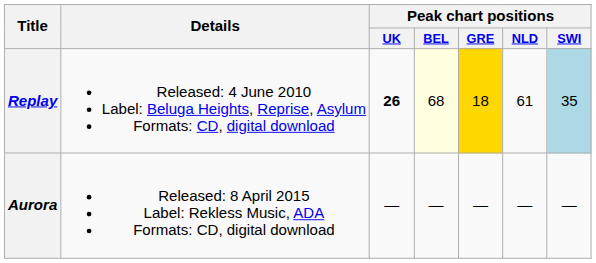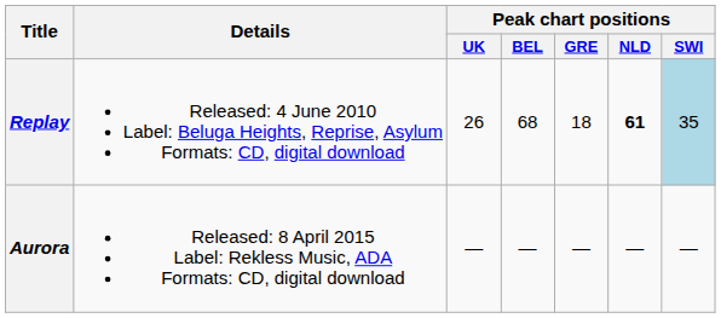 <table class="wikitable plainrowheaders" style="text-align:center" border="1"|>
 <tr>
 <th scope="col" rowspan="2">Title</th>
 <th scope="col" rowspan="2">Details</th>
 <th scope="col" colspan="5">Peak chart positions</th>
 </tr>
 <tr>
 <th scope="col" style="width:3em;font-size:85%"><a href='#'>UK</a><br></th>
 <th scope="col" style="width:3em;font-size:85%"><a href='#'>BEL</a><br></th>
 <th scope="col" style="width:3em;font-size:85%"><a href='#'>GRE</a><br></th>
 <th scope="col" style="width:3em;font-size:85%"><a href='#'>NLD</a><br></th>
 <th scope="col" style="width:3em;font-size:85%"><a href='#'>SWI</a><br></th>
 </tr>
 <tr>
 <th scope="row"><em><a href='#'>Replay</a></em></th>
 <td><br><ul><li>Released: 4 June 2010</li><li>Label: <a href='#'>Beluga Heights</a>, <a href='#'>Reprise</a>, <a href='#'>Asylum</a></li><li>Formats: <a href='#'>CD</a>, <a href='#'>digital download</a></li></ul></td>
-<td><strong>26</strong></td>
-<td style="background: lightyellow;">68</td>
-<td style="background: gold;">18</td>
-<td>61</td>
+<td>26</td>
+<td>68</td>
+<td>18</td>
+<td><strong>61</strong></td>
 <td style="background: lightblue;">35</td>
 </tr>
 <tr>
 <th scope="row"><em>Aurora</em></th>
 <td><br><ul><li>Released: 8 April 2015</li><li>Label: Rekless Music, <a href='#'>ADA</a></li><li>Formats: CD, digital download</li></ul></td>
 <td>—</td>
 <td>—</td>
 <td>—</td>
 <td>—</td>
 <td>—</td>
 </tr>
 </table>
